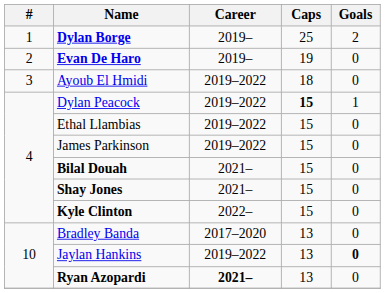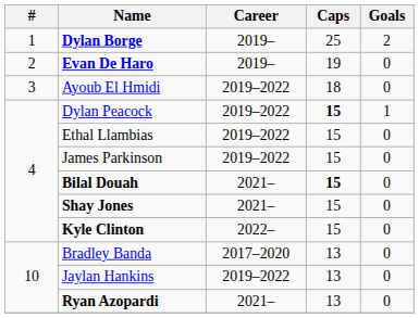 <table class="wikitable sortable" style="text-align:center;">
 <tr>
 <th width=50px>#</th>
 <th style="width:150px;">Name</th>
 <th style="width:100px;">Career</th>
 <th width=50px>Caps</th>
 <th width=50px>Goals</th>
 </tr>
 <tr>
 <td rowspan=1>1</td>
 <td align="left"><strong><a href='#'>Dylan Borge</a></strong></td>
 <td>2019–</td>
 <td>25</td>
 <td>2</td>
 </tr>
 <tr>
 <td>2</td>
 <td align="left"><strong><a href='#'>Evan De Haro</a></strong></td>
 <td>2019–</td>
 <td>19</td>
 <td>0</td>
 </tr>
 <tr>
 <td rowspan=1>3</td>
 <td align="left"><a href='#'>Ayoub El Hmidi</a></td>
 <td>2019–2022</td>
 <td>18</td>
 <td>0</td>
 </tr>
 <tr>
 <td rowspan=6>4</td>
 <td align="left"><a href='#'>Dylan Peacock</a></td>
 <td>2019–2022</td>
 <td><strong>15</strong></td>
 <td>1</td>
 </tr>
 <tr>
 <td align="left">Ethal Llambias</td>
 <td>2019–2022</td>
 <td>15</td>
 <td>0</td>
 </tr>
 <tr>
 <td align="left">James Parkinson</td>
 <td>2019–2022</td>
 <td>15</td>
 <td>0</td>
 </tr>
 <tr>
 <td align="left"><strong>Bilal Douah</strong></td>
 <td>2021–</td>
-<td>15</td>
+<td><strong>15</strong></td>
 <td>0</td>
 </tr>
 <tr>
 <td align="left"><strong>Shay Jones</strong></td>
 <td>2021–</td>
 <td>15</td>
 <td>0</td>
 </tr>
 <tr>
 <td align="left"><strong>Kyle Clinton</strong></td>
 <td>2022–</td>
 <td>15</td>
 <td>0</td>
 </tr>
 <tr>
 <td rowspan=3>10</td>
 <td align="left"><a href='#'>Bradley Banda</a></td>
 <td>2017–2020</td>
 <td>13</td>
 <td>0</td>
 </tr>
 <tr>
 <td align="left"><a href='#'>Jaylan Hankins</a></td>
 <td>2019–2022</td>
 <td>13</td>
-<td><strong>0</strong></td>
+<td>0</td>
 </tr>
 <tr>
 <td align="left"><strong>Ryan Azopardi</strong></td>
-<td><strong>2021–</strong></td>
+<td>2021–</td>
 <td>13</td>
 <td>0</td>
 </tr>
 <tr>
 </tr>
 </table>
